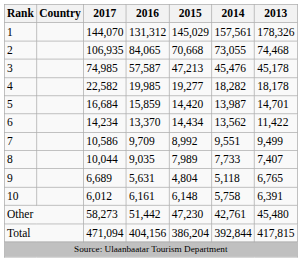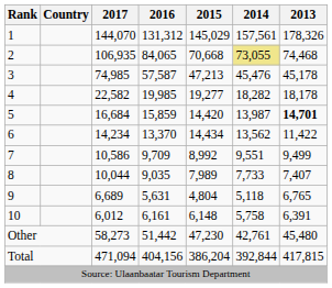 <table class="wikitable sortable collapsible collapsed">
 <tr>
 <th>Rank</th>
 <th>Country</th>
 <th>2017</th>
 <th>2016</th>
 <th>2015</th>
 <th>2014</th>
 <th>2013</th>
 </tr>
 <tr>
 <td>1</td>
 <td></td>
 <td>144,070</td>
 <td>131,312</td>
 <td>145,029</td>
 <td>157,561</td>
 <td>178,326</td>
 </tr>
 <tr>
 <td>2</td>
 <td></td>
 <td>106,935</td>
 <td>84,065</td>
 <td>70,668</td>
-<td>73,055</td>
+<td style="background: khaki;">73,055</td>
 <td>74,468</td>
 </tr>
 <tr>
 <td>3</td>
 <td></td>
 <td>74,985</td>
 <td>57,587</td>
 <td>47,213</td>
 <td>45,476</td>
 <td>45,178</td>
 </tr>
 <tr>
 <td>4</td>
 <td></td>
 <td>22,582</td>
 <td>19,985</td>
 <td>19,277</td>
 <td>18,282</td>
 <td>18,178</td>
 </tr>
 <tr>
 <td>5</td>
 <td></td>
 <td>16,684</td>
 <td>15,859</td>
 <td>14,420</td>
 <td>13,987</td>
-<td>14,701</td>
+<td><strong>14,701</strong></td>
 </tr>
 <tr>
 <td>6</td>
 <td></td>
 <td>14,234</td>
 <td>13,370</td>
 <td>14,434</td>
 <td>13,562</td>
 <td>11,422</td>
 </tr>
 <tr>
 <td>7</td>
 <td></td>
 <td>10,586</td>
 <td>9,709</td>
 <td>8,992</td>
 <td>9,551</td>
 <td>9,499</td>
 </tr>
 <tr>
 <td>8</td>
 <td></td>
 <td>10,044</td>
 <td>9,035</td>
 <td>7,989</td>
 <td>7,733</td>
 <td>7,407</td>
 </tr>
 <tr>
 <td>9</td>
 <td></td>
 <td>6,689</td>
 <td>5,631</td>
 <td>4,804</td>
 <td>5,118</td>
 <td>6,765</td>
 </tr>
 <tr>
 <td>10</td>
 <td></td>
 <td>6,012</td>
 <td>6,161</td>
 <td>6,148</td>
 <td>5,758</td>
 <td>6,391</td>
 </tr>
 <tr>
 <td colspan="2">Other</td>
 <td>58,273</td>
 <td>51,442</td>
 <td>47,230</td>
 <td>42,761</td>
 <td>45,480</td>
 </tr>
 <tr>
 <td colspan="2">Total</td>
 <td>471,094</td>
 <td>404,156</td>
 <td>386,204</td>
 <td>392,844</td>
 <td>417,815</td>
 </tr>
 <tr>
 <td colspan="7" style="font-size:80%; background:silver; text-align:center;">Source: Ulaanbaatar Tourism Department</td>
 </tr>
 </table>
